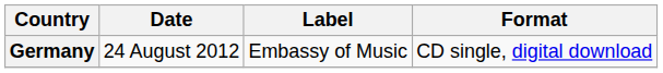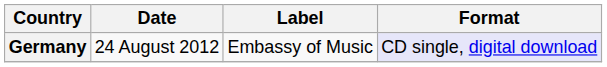 <table class="wikitable plainrowheaders">
 <tr>
 <th scope="col">Country</th>
 <th scope="col">Date</th>
 <th scope="col">Label</th>
 <th scope="col">Format</th>
 </tr>
 <tr>
 <th scope="row">Germany</th>
 <td>24 August 2012</td>
 <td>Embassy of Music</td>
-<td>CD single, <a href='#'>digital download</a></td>
+<td style="background: lavender;">CD single, <a href='#'>digital download</a></td>
 </tr>
 <tr>
 </tr>
 </table>
